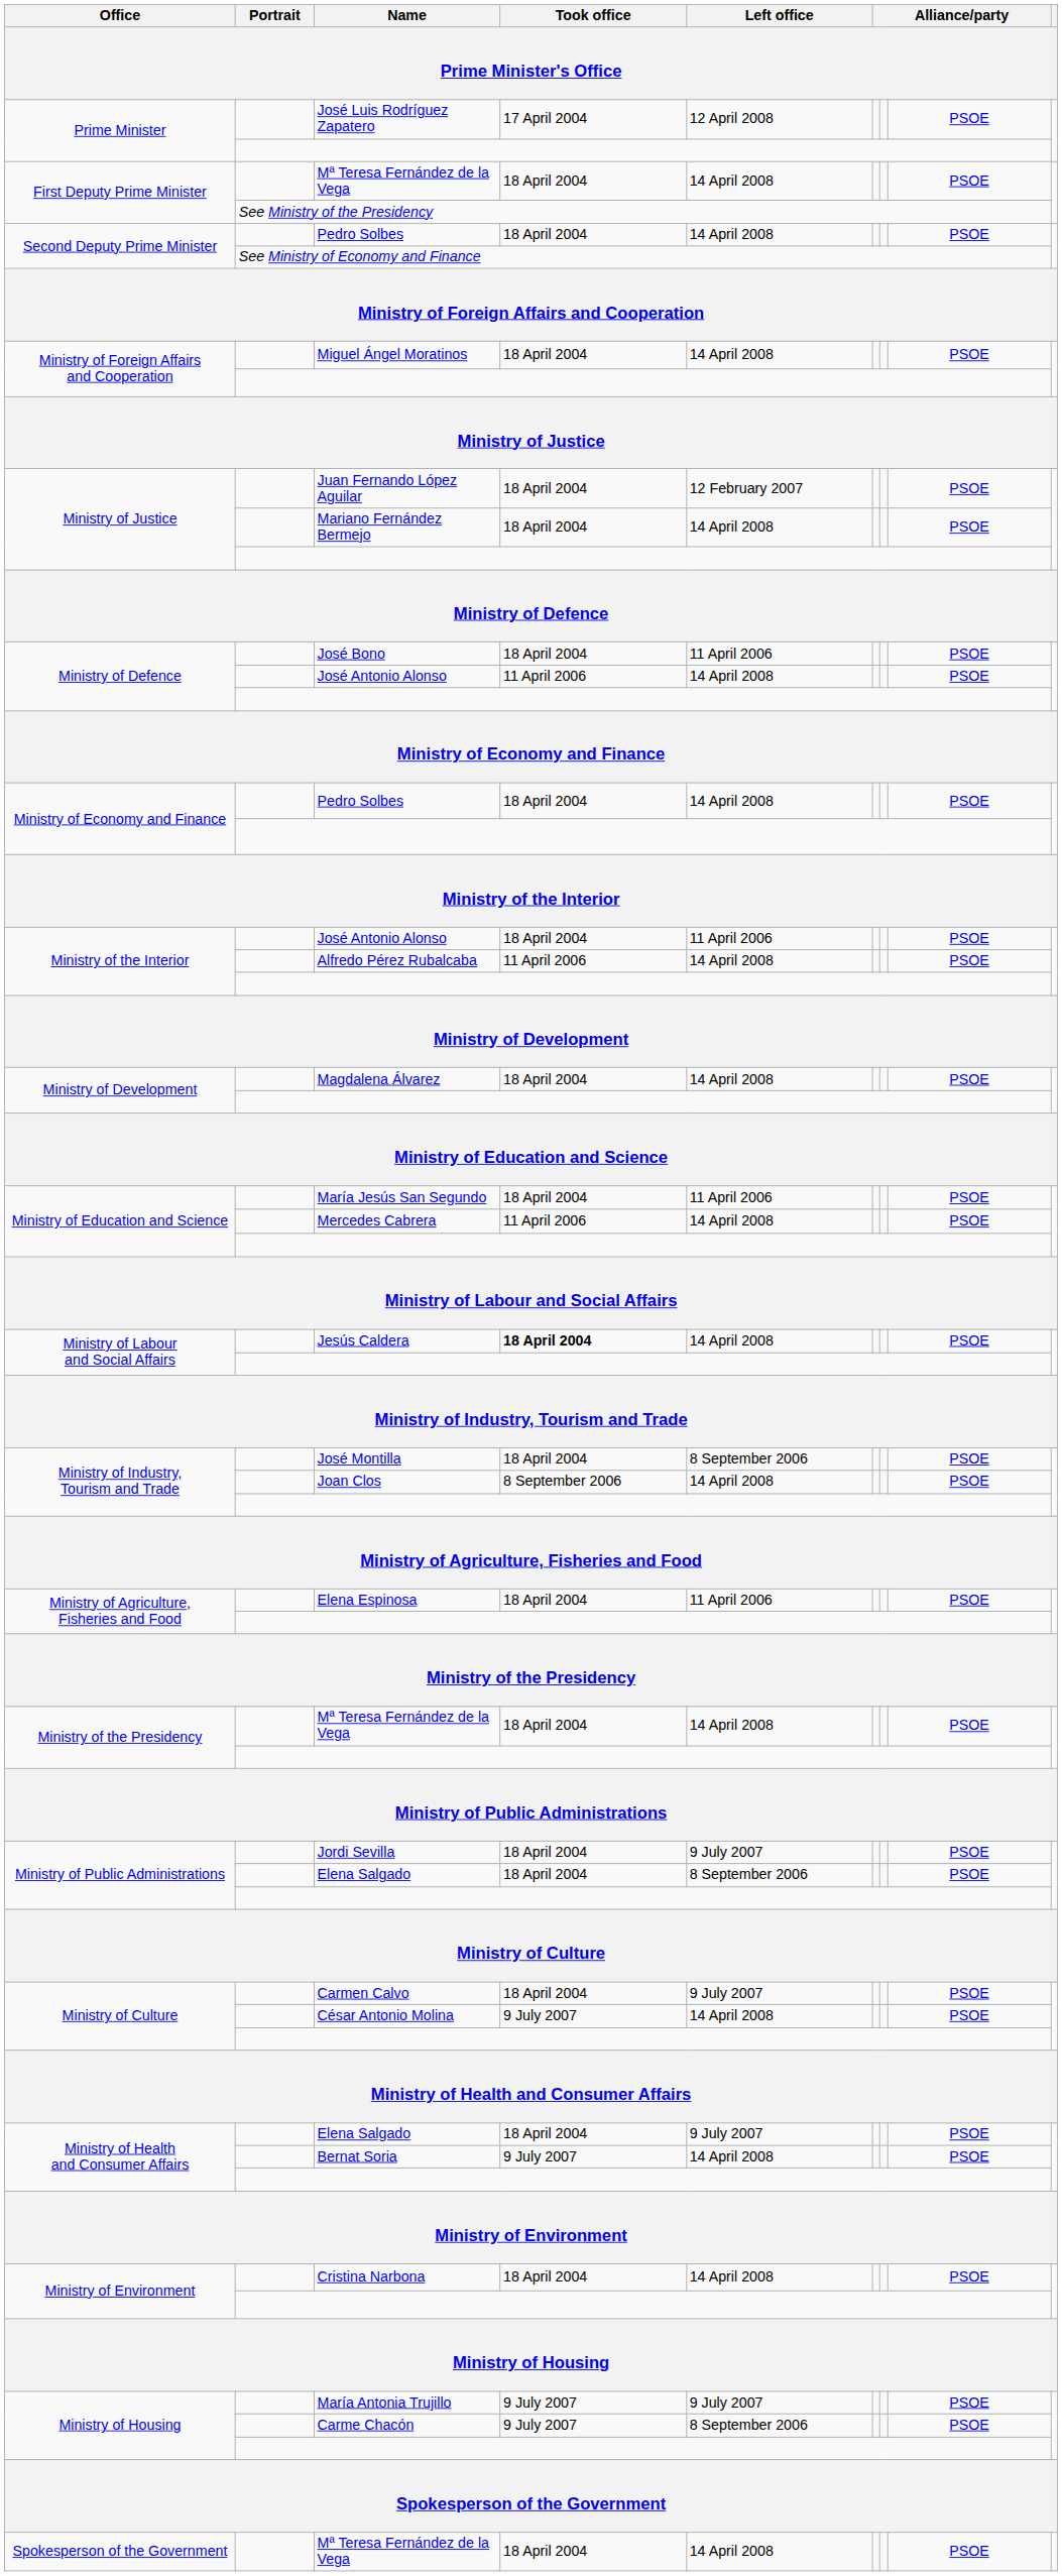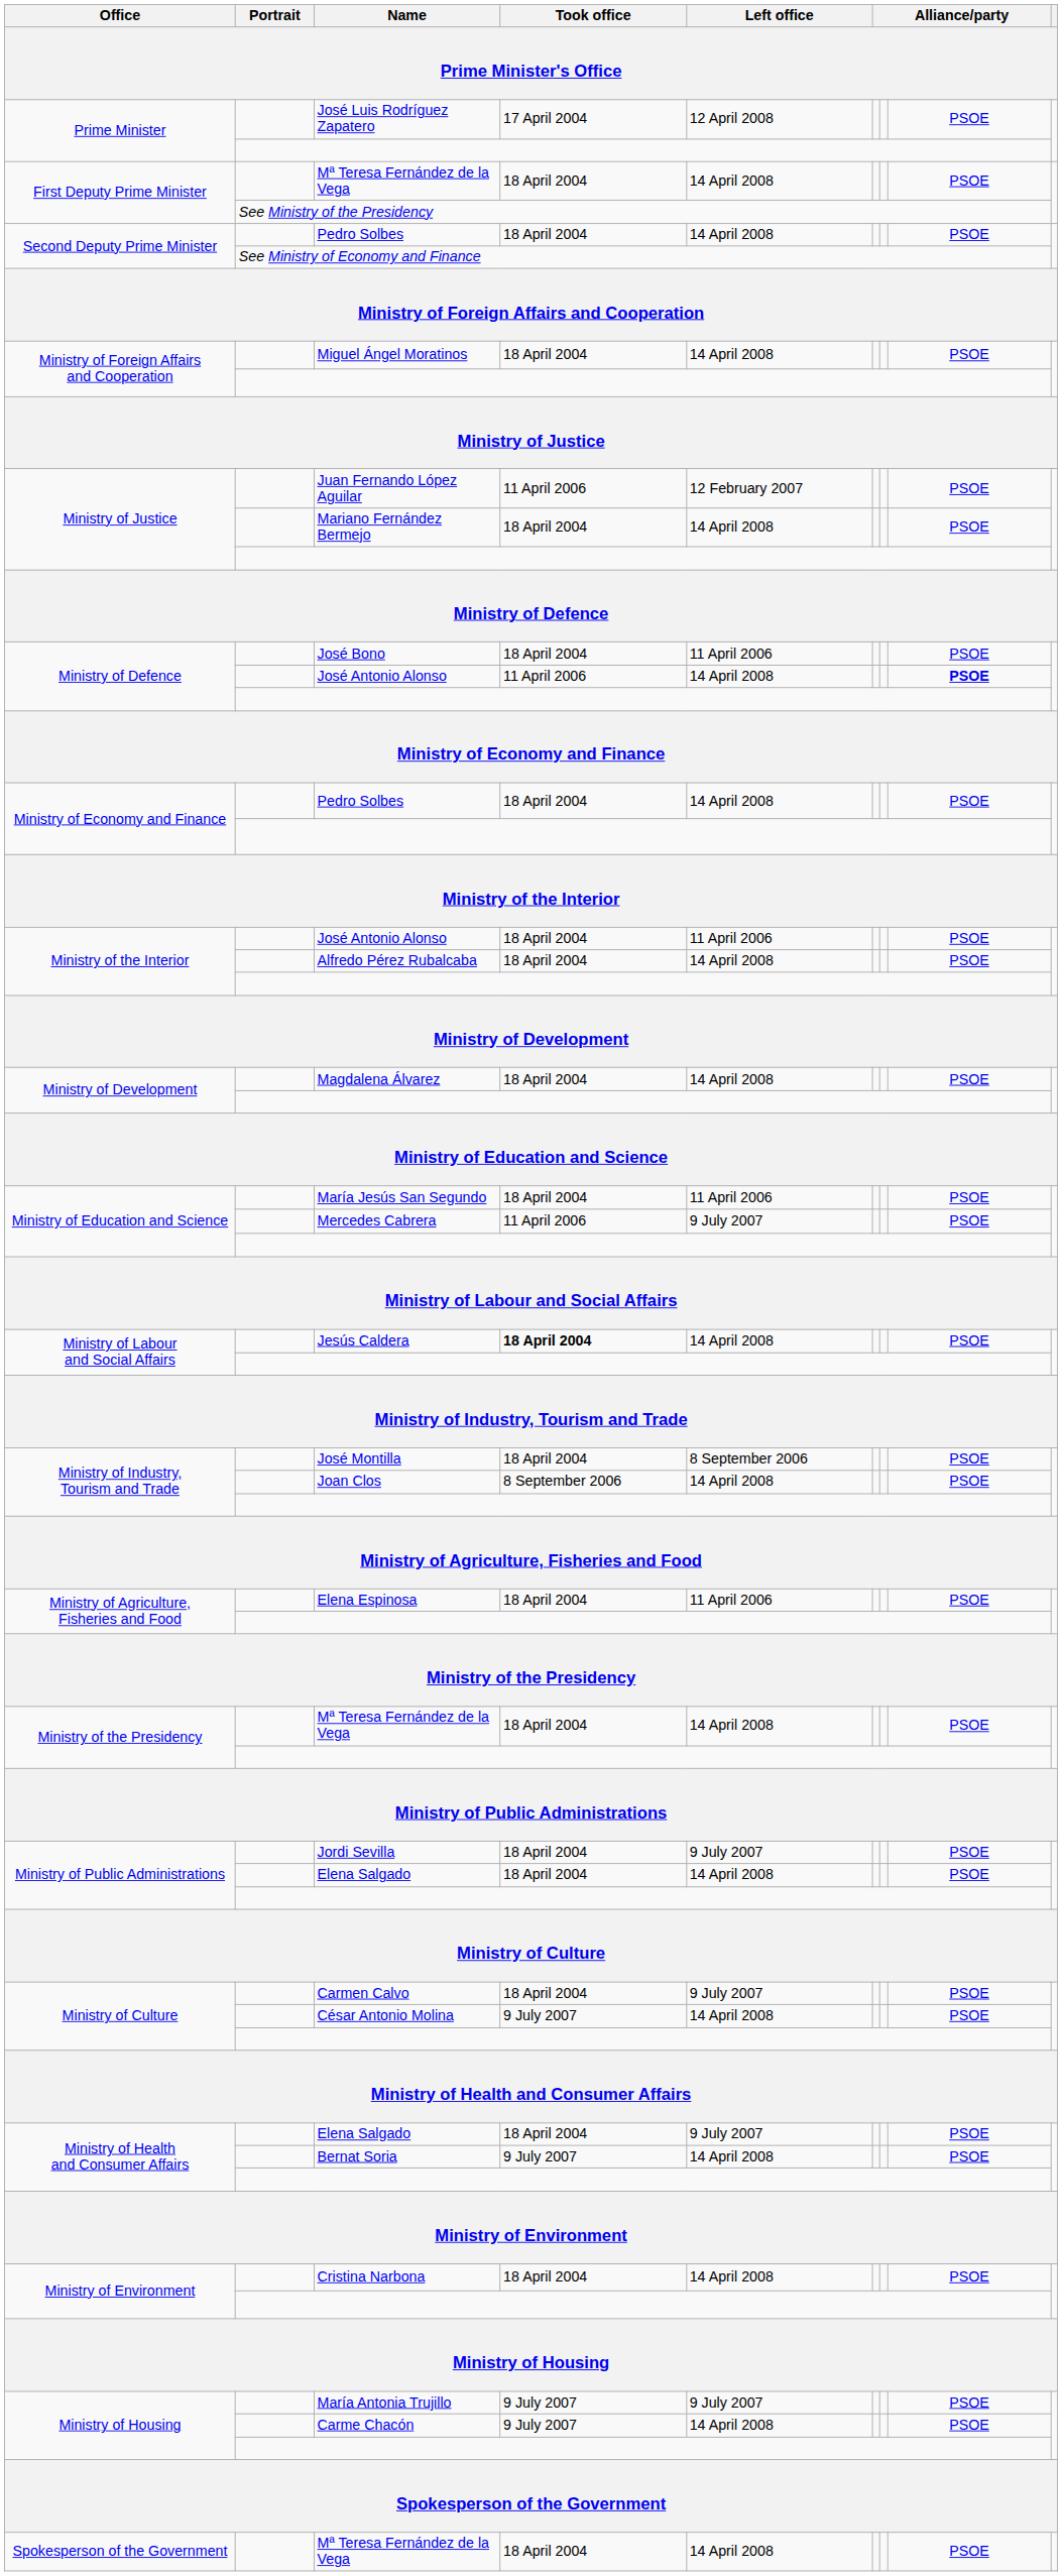 <table class="wikitable" style="line-height:18px;">
 <tr>
 <th scope="col">Office<br></th>
 <th scope="col">Portrait</th>
 <th scope="col">Name</th>
 <th scope="col">Took office</th>
 <th scope="col">Left office</th>
 <th colspan="3" scope="col">Alliance/party</th>
 <th></th>
 </tr>
 <tr>
 <th colspan="9"><br><h3><a href='#'>Prime Minister's Office</a></h3></th>
 </tr>
 <tr>
 <td align="center" rowspan="2" width="250"><a href='#'>Prime Minister</a><br></td>
 <td width="80"></td>
 <td width="200"><a href='#'>José Luis Rodríguez Zapatero</a></td>
 <td width="200">17 April 2004</td>
 <td width="200">12 April 2008</td>
 <td width="1" style="background-color:"></td>
 <td width="1" style="background-color:"></td>
 <td width="175" align="center"><a href='#'>PSOE</a></td>
 <td align="center" rowspan="2"><br><br><br></td>
 </tr>
 <tr>
 <td colspan="7"><br></td>
 </tr>
 <tr>
 <td align="center" rowspan="2"><a href='#'>First Deputy Prime Minister</a><br></td>
 <td></td>
 <td><a href='#'>Mª Teresa Fernández de la Vega</a></td>
 <td>18 April 2004</td>
 <td>14 April 2008</td>
 <td style="background-color:"></td>
 <td style="background-color:"></td>
 <td align="center"><a href='#'>PSOE</a><br></td>
 <td align="center" rowspan="2"></td>
 </tr>
 <tr>
 <td colspan="7"><em>See <a href='#'>Ministry of the Presidency</a></em></td>
 </tr>
 <tr>
 <td align="center" rowspan="2"><a href='#'>Second Deputy Prime Minister</a><br></td>
 <td></td>
 <td><a href='#'>Pedro Solbes</a></td>
 <td>18 April 2004</td>
 <td>14 April 2008</td>
 <td style="background-color:"></td>
 <td style="background-color:"></td>
 <td align="center"><a href='#'>PSOE</a><br></td>
 <td align="center" rowspan="2"></td>
 </tr>
 <tr>
 <td colspan="7"><em>See <a href='#'>Ministry of Economy and Finance</a></em></td>
 </tr>
 <tr>
 <th colspan="9"><br><h3><a href='#'>Ministry of Foreign Affairs and Cooperation</a></h3></th>
 </tr>
 <tr>
 <td align="center" rowspan="2"><a href='#'>Ministry of Foreign Affairs<br>and Cooperation</a><br></td>
 <td></td>
 <td><a href='#'>Miguel Ángel Moratinos</a></td>
 <td>18 April 2004</td>
 <td>14 April 2008</td>
 <td style="background-color:"></td>
 <td style="background-color:"></td>
 <td align="center"><a href='#'>PSOE</a></td>
 <td align="center" rowspan="2"><br><br><br></td>
 </tr>
 <tr>
 <td colspan="7"><br> </td>
 </tr>
 <tr>
 <th colspan="9"><br><h3><a href='#'>Ministry of Justice</a></h3></th>
 </tr>
 <tr>
 <td align="center" rowspan="3"><a href='#'>Ministry of Justice</a><br></td>
 <td></td>
 <td><a href='#'>Juan Fernando López Aguilar</a></td>
-<td>18 April 2004</td>
+<td>11 April 2006</td>
 <td>12 February 2007</td>
 <td style="background-color:"></td>
 <td style="background-color:"></td>
 <td align="center"><a href='#'>PSOE</a></td>
 <td align="center" rowspan="3"><br></td>
 </tr>
 <tr>
 <td></td>
 <td><a href='#'>Mariano Fernández Bermejo</a></td>
 <td>18 April 2004</td>
 <td>14 April 2008</td>
 <td style="background-color:"></td>
 <td style="background-color:"></td>
 <td align="center"><a href='#'>PSOE</a><br></td>
 </tr>
 <tr>
 <td colspan="7"><br></td>
 </tr>
 <tr>
 <th colspan="9"><br><h3><a href='#'>Ministry of Defence</a></h3></th>
 </tr>
 <tr>
 <td align="center" rowspan="3"><a href='#'>Ministry of Defence</a><br></td>
 <td></td>
 <td><a href='#'>José Bono</a></td>
 <td>18 April 2004</td>
 <td>11 April 2006</td>
 <td style="background-color:"></td>
 <td style="background-color:"></td>
 <td align="center"><a href='#'>PSOE</a></td>
 <td align="center" rowspan="3"><br><br></td>
 </tr>
 <tr>
 <td></td>
 <td><a href='#'>José Antonio Alonso</a></td>
 <td>11 April 2006</td>
 <td>14 April 2008</td>
 <td style="background-color:"></td>
 <td style="background-color:"></td>
-<td align="center"><a href='#'>PSOE</a><br></td>
+<td align="center"><strong><a href='#'>PSOE</a><br></strong></td>
 </tr>
 <tr>
 <td colspan="7"><br></td>
 </tr>
 <tr>
 <th colspan="9"><br><h3><a href='#'>Ministry of Economy and Finance</a></h3></th>
 </tr>
 <tr>
 <td align="center" rowspan="2"><a href='#'>Ministry of Economy and Finance</a><br></td>
 <td></td>
 <td><a href='#'>Pedro Solbes</a></td>
 <td>18 April 2004</td>
 <td>14 April 2008</td>
 <td style="background-color:"></td>
 <td style="background-color:"></td>
 <td align="center"><a href='#'>PSOE</a><br></td>
 <td align="center" rowspan="2"><br><br><br><br></td>
 </tr>
 <tr>
 <td colspan="7"><br></td>
 </tr>
 <tr>
 <th colspan="9"><br><h3><a href='#'>Ministry of the Interior</a></h3></th>
 </tr>
 <tr>
 <td align="center" rowspan="3"><a href='#'>Ministry of the Interior</a><br></td>
 <td></td>
 <td><a href='#'>José Antonio Alonso</a></td>
 <td>18 April 2004</td>
 <td>11 April 2006</td>
 <td style="background-color:"></td>
 <td style="background-color:"></td>
 <td align="center"><a href='#'>PSOE</a><br></td>
 <td align="center" rowspan="3"><br><br><br></td>
 </tr>
 <tr>
 <td></td>
 <td><a href='#'>Alfredo Pérez Rubalcaba</a></td>
-<td>11 April 2006</td>
+<td>18 April 2004</td>
 <td>14 April 2008</td>
 <td style="background-color:"></td>
 <td style="background-color:"></td>
 <td align="center"><a href='#'>PSOE</a></td>
 </tr>
 <tr>
 <td colspan="7"><br> </td>
 </tr>
 <tr>
 <th colspan="9"><br><h3><a href='#'>Ministry of Development</a></h3></th>
 </tr>
 <tr>
 <td align="center" rowspan="2"><a href='#'>Ministry of Development</a><br></td>
 <td></td>
 <td><a href='#'>Magdalena Álvarez</a></td>
 <td>18 April 2004</td>
 <td>14 April 2008</td>
 <td style="background-color:"></td>
 <td style="background-color:"></td>
 <td align="center"><a href='#'>PSOE</a></td>
 <td align="center" rowspan="2"><br></td>
 </tr>
 <tr>
 <td colspan="7"><br></td>
 </tr>
 <tr>
 <th colspan="9"><br><h3><a href='#'>Ministry of Education and Science</a></h3></th>
 </tr>
 <tr>
 <td align="center" rowspan="3"><a href='#'>Ministry of Education and Science</a><br></td>
 <td></td>
 <td><a href='#'>María Jesús San Segundo</a></td>
 <td>18 April 2004</td>
 <td>11 April 2006</td>
 <td style="background-color:"></td>
 <td style="background-color:"></td>
 <td align="center"><a href='#'>PSOE</a><br></td>
 <td align="center" rowspan="3"><br><br><br><br></td>
 </tr>
 <tr>
 <td></td>
 <td><a href='#'>Mercedes Cabrera</a></td>
 <td>11 April 2006</td>
-<td>14 April 2008</td>
+<td>9 July 2007</td>
 <td style="background-color:"></td>
 <td style="background-color:"></td>
 <td align="center"><a href='#'>PSOE</a><br></td>
 </tr>
 <tr>
 <td colspan="7"><br></td>
 </tr>
 <tr>
 <th colspan="9"><br><h3><a href='#'>Ministry of Labour and Social Affairs</a></h3></th>
 </tr>
 <tr>
 <td align="center" rowspan="2"><a href='#'>Ministry of Labour<br>and Social Affairs</a><br></td>
 <td></td>
 <td><a href='#'>Jesús Caldera</a></td>
 <td><strong>18 April 2004</strong></td>
 <td>14 April 2008</td>
 <td style="background-color:"></td>
 <td style="background-color:"></td>
 <td align="center"><a href='#'>PSOE</a></td>
 <td align="center" rowspan="2"><br><br></td>
 </tr>
 <tr>
 <td colspan="7"><br></td>
 </tr>
 <tr>
 <th colspan="9"><br><h3><a href='#'>Ministry of Industry, Tourism and Trade</a></h3></th>
 </tr>
 <tr>
 <td align="center" rowspan="3"><a href='#'>Ministry of Industry,<br>Tourism and Trade</a><br></td>
 <td></td>
 <td><a href='#'>José Montilla</a></td>
 <td>18 April 2004</td>
 <td>8 September 2006</td>
 <td style="background-color:"></td>
 <td style="background-color:"></td>
 <td align="center"><a href='#'>PSOE</a><br></td>
 <td align="center" rowspan="3"><br></td>
 </tr>
 <tr>
 <td></td>
 <td><a href='#'>Joan Clos</a></td>
 <td>8 September 2006</td>
 <td>14 April 2008</td>
 <td style="background-color:"></td>
 <td style="background-color:"></td>
 <td align="center"><a href='#'>PSOE</a><br></td>
 </tr>
 <tr>
 <td colspan="7"><br></td>
 </tr>
 <tr>
 <th colspan="9"><br><h3><a href='#'>Ministry of Agriculture, Fisheries and Food</a></h3></th>
 </tr>
 <tr>
 <td align="center" rowspan="2"><a href='#'>Ministry of Agriculture,<br>Fisheries and Food</a><br></td>
 <td></td>
 <td><a href='#'>Elena Espinosa</a></td>
 <td>18 April 2004</td>
 <td>11 April 2006</td>
 <td style="background-color:"></td>
 <td style="background-color:"></td>
 <td align="center"><a href='#'>PSOE</a></td>
 <td align="center" rowspan="2"><br></td>
 </tr>
 <tr>
 <td colspan="7"><br></td>
 </tr>
 <tr>
 <th colspan="9"><br><h3><a href='#'>Ministry of the Presidency</a></h3></th>
 </tr>
 <tr>
 <td align="center" rowspan="2"><a href='#'>Ministry of the Presidency</a><br></td>
 <td></td>
 <td><a href='#'>Mª Teresa Fernández de la Vega</a></td>
 <td>18 April 2004</td>
 <td>14 April 2008</td>
 <td style="background-color:"></td>
 <td style="background-color:"></td>
 <td align="center"><a href='#'>PSOE</a><br></td>
 <td align="center" rowspan="2"><br><br></td>
 </tr>
 <tr>
 <td colspan="7"><br></td>
 </tr>
 <tr>
 <th colspan="9"><br><h3><a href='#'>Ministry of Public Administrations</a></h3></th>
 </tr>
 <tr>
 <td align="center" rowspan="3"><a href='#'>Ministry of Public Administrations</a><br></td>
 <td></td>
 <td><a href='#'>Jordi Sevilla</a></td>
 <td>18 April 2004</td>
 <td>9 July 2007</td>
 <td style="background-color:"></td>
 <td style="background-color:"></td>
 <td align="center"><a href='#'>PSOE</a></td>
 <td align="center" rowspan="3"><br><br><br></td>
 </tr>
 <tr>
 <td></td>
 <td><a href='#'>Elena Salgado</a></td>
 <td>18 April 2004</td>
-<td>8 September 2006</td>
+<td>14 April 2008</td>
 <td style="background-color:"></td>
 <td style="background-color:"></td>
 <td align="center"><a href='#'>PSOE</a><br></td>
 </tr>
 <tr>
 <td colspan="7"><br></td>
 </tr>
 <tr>
 <th colspan="9"><br><h3><a href='#'>Ministry of Culture</a></h3></th>
 </tr>
 <tr>
 <td align="center" rowspan="3"><a href='#'>Ministry of Culture</a><br></td>
 <td></td>
 <td><a href='#'>Carmen Calvo</a></td>
 <td>18 April 2004</td>
 <td>9 July 2007</td>
 <td style="background-color:"></td>
 <td style="background-color:"></td>
 <td align="center"><a href='#'>PSOE</a></td>
 <td align="center" rowspan="3"><br></td>
 </tr>
 <tr>
 <td></td>
 <td><a href='#'>César Antonio Molina</a></td>
 <td>9 July 2007</td>
 <td>14 April 2008</td>
 <td style="background-color:"></td>
 <td style="background-color:"></td>
 <td align="center"><a href='#'>PSOE</a><br></td>
 </tr>
 <tr>
 <td colspan="7"><br></td>
 </tr>
 <tr>
 <th colspan="9"><br><h3><a href='#'>Ministry of Health and Consumer Affairs</a></h3></th>
 </tr>
 <tr>
 <td align="center" rowspan="3"><a href='#'>Ministry of Health<br>and Consumer Affairs</a><br></td>
 <td></td>
 <td><a href='#'>Elena Salgado</a></td>
 <td>18 April 2004</td>
 <td>9 July 2007</td>
 <td style="background-color:"></td>
 <td style="background-color:"></td>
 <td align="center"><a href='#'>PSOE</a><br></td>
 <td align="center" rowspan="3"><br></td>
 </tr>
 <tr>
 <td></td>
 <td><a href='#'>Bernat Soria</a></td>
 <td>9 July 2007</td>
 <td>14 April 2008</td>
 <td style="background-color:"></td>
 <td style="background-color:"></td>
 <td align="center"><a href='#'>PSOE</a><br></td>
 </tr>
 <tr>
 <td colspan="7"><br></td>
 </tr>
 <tr>
 <th colspan="9"><br><h3><a href='#'>Ministry of Environment</a></h3></th>
 </tr>
 <tr>
 <td align="center" rowspan="2"><a href='#'>Ministry of Environment</a><br></td>
 <td></td>
 <td><a href='#'>Cristina Narbona</a></td>
 <td>18 April 2004</td>
 <td>14 April 2008</td>
 <td style="background-color:"></td>
 <td style="background-color:"></td>
 <td align="center"><a href='#'>PSOE</a></td>
 <td align="center" rowspan="2"><br><br><br></td>
 </tr>
 <tr>
 <td colspan="7"><br></td>
 </tr>
 <tr>
 <th colspan="9"><br><h3><a href='#'>Ministry of Housing</a></h3></th>
 </tr>
 <tr>
 <td align="center" rowspan="3"><a href='#'>Ministry of Housing</a><br></td>
 <td></td>
 <td><a href='#'>María Antonia Trujillo</a></td>
 <td>9 July 2007</td>
 <td>9 July 2007</td>
 <td style="background-color:"></td>
 <td style="background-color:"></td>
 <td align="center"><a href='#'>PSOE</a></td>
 <td align="center" rowspan="3"><br></td>
 </tr>
 <tr>
 <td></td>
 <td><a href='#'>Carme Chacón</a></td>
 <td>9 July 2007</td>
-<td>8 September 2006</td>
+<td>14 April 2008</td>
 <td style="background-color:"></td>
 <td style="background-color:"></td>
 <td align="center"><a href='#'>PSOE</a><br></td>
 </tr>
 <tr>
 <td colspan="7"><br> </td>
 </tr>
 <tr>
 <th colspan="9"><br><h3><a href='#'>Spokesperson of the Government</a></h3></th>
 </tr>
 <tr>
 <td align="center"><a href='#'>Spokesperson of the Government</a><br></td>
 <td></td>
 <td><a href='#'>Mª Teresa Fernández de la Vega</a></td>
 <td>18 April 2004</td>
 <td>14 April 2008</td>
 <td style="background-color:"></td>
 <td style="background-color:"></td>
 <td align="center"><a href='#'>PSOE</a><br></td>
 <td align="center"></td>
 </tr>
 </table>
